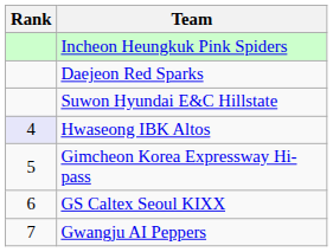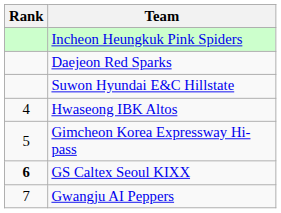 <table class="wikitable" style="text-align: center;">
 <tr>
 <th width=40>Rank</th>
 <th width=240>Team</th>
 </tr>
 <tr bgcolor=#ccffcc>
 <td></td>
 <td align=left><a href='#'>Incheon Heungkuk Pink Spiders</a></td>
 </tr>
 <tr>
 <td></td>
 <td align=left><a href='#'>Daejeon Red Sparks</a></td>
 </tr>
 <tr>
 <td></td>
 <td align=left><a href='#'>Suwon Hyundai E&C Hillstate</a></td>
 </tr>
 <tr>
-<td style="background: lavender;">4</td>
+<td>4</td>
 <td align=left><a href='#'>Hwaseong IBK Altos</a></td>
 </tr>
 <tr>
 <td>5</td>
 <td align=left><a href='#'>Gimcheon Korea Expressway Hi-pass</a></td>
 </tr>
 <tr>
-<td>6</td>
+<td><strong>6</strong></td>
 <td align=left><a href='#'>GS Caltex Seoul KIXX</a></td>
 </tr>
 <tr>
 <td>7</td>
 <td align=left><a href='#'>Gwangju AI Peppers</a></td>
 </tr>
 </table>
